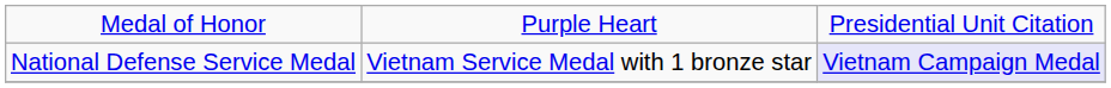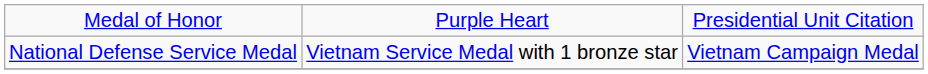 <table class="wikitable" style="margin:1em auto; text-align:center;">
 <tr>
 <td><a href='#'>Medal of Honor</a></td>
 <td><a href='#'>Purple Heart</a></td>
 <td><a href='#'>Presidential Unit Citation</a></td>
 </tr>
 <tr>
 <td><a href='#'>National Defense Service Medal</a></td>
 <td><a href='#'>Vietnam Service Medal</a>  with 1 bronze star</td>
-<td style="background: lavender;"><a href='#'>Vietnam Campaign Medal</a></td>
+<td><a href='#'>Vietnam Campaign Medal</a></td>
 </tr>
 <tr>
 </tr>
 </table>
